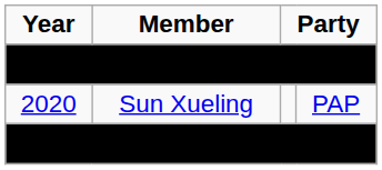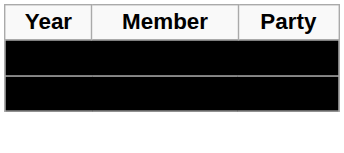 <table class="wikitable" align="center" style="text-align:center">
 <tr>
 <td><strong>Year</strong></td>
 <td><strong>Member</strong></td>
 <td colspan="2"><strong>Party</strong></td>
 </tr>
 <tr>
 <td colspan=4 bgcolor=black><span><strong>Formation</strong></span></td>
 </tr>
 <tr>
-<td><a href='#'>2020</a></td>
-<td><a href='#'>Sun Xueling</a></td>
-<td></td>
-<td><a href='#'>PAP</a></td>
-</tr>
-<tr>
 <td colspan=4 bgcolor=black><span><strong>Constituency abolished (2025)</strong></span></td>
 </tr>
 </table>
